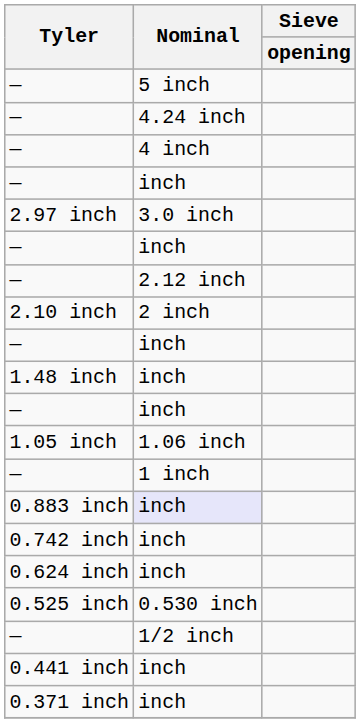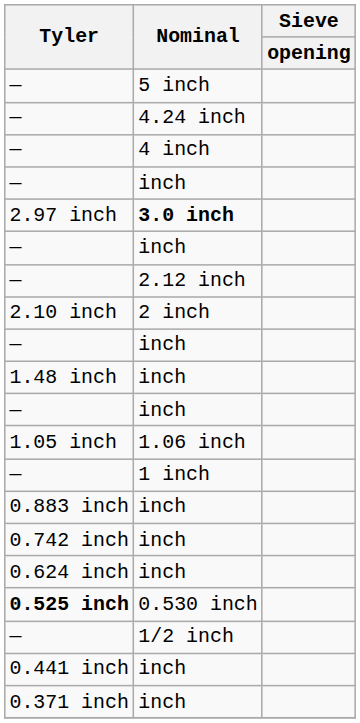 <table class=wikitable>
 <tr>
 <th rowspan=2>Tyler</th>
 <th rowspan=2>Nominal</th>
 <th colspan=2>Sieve</th>
 </tr>
 <tr>
 <th>opening</th>
 </tr>
 <tr>
 <td>—</td>
 <td>5 inch</td>
 <td></td>
 </tr>
 <tr>
 <td>—</td>
 <td>4.24 inch</td>
 <td></td>
 </tr>
 <tr>
 <td>—</td>
 <td>4 inch</td>
 <td></td>
 </tr>
 <tr>
 <td>—</td>
 <td> inch</td>
 <td></td>
 </tr>
 <tr>
 <td>2.97 inch</td>
-<td>3.0 inch</td>
+<td><strong>3.0 inch</strong></td>
 <td></td>
 </tr>
 <tr>
 <td>—</td>
 <td> inch</td>
 <td></td>
 </tr>
 <tr>
 <td>—</td>
 <td>2.12 inch</td>
 <td></td>
 </tr>
 <tr>
 <td>2.10 inch</td>
 <td>2 inch</td>
 <td></td>
 </tr>
 <tr>
 <td>—</td>
 <td> inch</td>
 <td></td>
 </tr>
 <tr>
 <td>1.48 inch</td>
 <td> inch</td>
 <td></td>
 </tr>
 <tr>
 <td>—</td>
 <td> inch</td>
 <td></td>
 </tr>
 <tr>
 <td>1.05 inch</td>
 <td>1.06 inch</td>
 <td></td>
 </tr>
 <tr>
 <td>—</td>
 <td>1 inch</td>
 <td></td>
 </tr>
 <tr>
 <td>0.883 inch</td>
-<td style="background: lavender;"> inch</td>
+<td> inch</td>
 <td></td>
 </tr>
 <tr>
 <td>0.742 inch</td>
 <td> inch</td>
 <td></td>
 </tr>
 <tr>
 <td>0.624 inch</td>
 <td> inch</td>
 <td></td>
 </tr>
 <tr>
-<td>0.525 inch</td>
+<td><strong>0.525 inch</strong></td>
 <td>0.530 inch</td>
 <td></td>
 </tr>
 <tr>
 <td>—</td>
 <td>1/2 inch</td>
 <td></td>
 </tr>
 <tr>
 <td>0.441 inch</td>
 <td> inch</td>
 <td></td>
 </tr>
 <tr>
 <td>0.371 inch</td>
 <td> inch</td>
 <td></td>
 </tr>
 <tr>
 </tr>
 </table>
